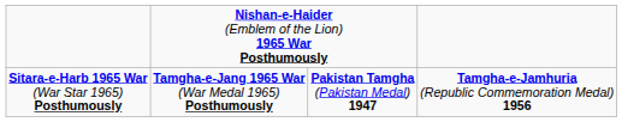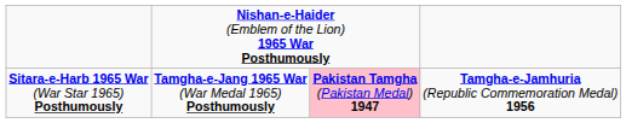 <table class="wikitable" style="margin:1em auto; text-align:center;">
 <tr>
 <td></td>
 <td colspan="2"><strong><a href='#'>Nishan-e-Haider</a></strong><br><em>(Emblem of the Lion)</em><br><strong><a href='#'>1965 War</a></strong><br><strong><u>Posthumously</u></strong></td>
 <td></td>
 </tr>
 <tr>
 <td><strong><a href='#'>Sitara-e-Harb 1965 War</a></strong><br><em>(War Star 1965)</em><br><strong><u>Posthumously</u></strong></td>
 <td><strong><a href='#'>Tamgha-e-Jang 1965 War</a></strong><br><em>(War Medal 1965)</em><br><strong><u>Posthumously</u></strong></td>
-<td><strong><a href='#'>Pakistan Tamgha</a></strong><br><em>(<a href='#'>Pakistan Medal</a>)</em><br><strong>1947</strong></td>
+<td style="background: pink;"><strong><a href='#'>Pakistan Tamgha</a></strong><br><em>(<a href='#'>Pakistan Medal</a>)</em><br><strong>1947</strong></td>
 <td><strong><a href='#'>Tamgha-e-Jamhuria</a></strong><br><em>(Republic Commemoration Medal)</em><br><strong>1956</strong></td>
 </tr>
 </table>
